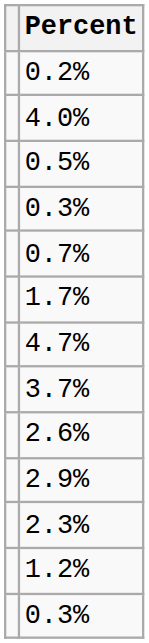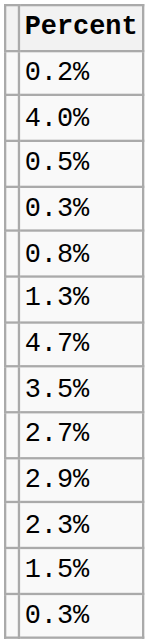 <table class="wikitable sortable collapsible" style="font-size: 90%;">
 <tr>
 <th></th>
 <th>Percent</th>
 </tr>
 <tr>
 <td></td>
 <td>0.2%</td>
 </tr>
 <tr>
 <td></td>
 <td>4.0%</td>
 </tr>
 <tr>
 <td></td>
 <td>0.5%</td>
 </tr>
 <tr>
 <td></td>
 <td>0.3%</td>
 </tr>
 <tr>
 <td></td>
-<td>0.7%</td>
+<td>0.8%</td>
 </tr>
 <tr>
 <td></td>
-<td>1.7%</td>
+<td>1.3%</td>
 </tr>
 <tr>
 <td></td>
 <td>4.7%</td>
 </tr>
 <tr>
 <td></td>
-<td>3.7%</td>
+<td>3.5%</td>
 </tr>
 <tr>
 <td></td>
-<td>2.6%</td>
+<td>2.7%</td>
 </tr>
 <tr>
 <td></td>
 <td>2.9%</td>
 </tr>
 <tr>
 <td></td>
 <td>2.3%</td>
 </tr>
 <tr>
 <td></td>
-<td>1.2%</td>
+<td>1.5%</td>
 </tr>
 <tr>
 <td></td>
 <td>0.3%</td>
 </tr>
 </table>
